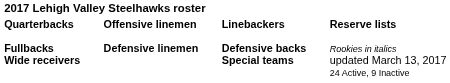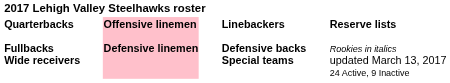 <table class="toccolours" style="text-align: left;">
 <tr>
 <th colspan="7"><strong>2017 Lehigh Valley Steelhawks roster</strong></th>
 </tr>
 <tr>
 <td style="font-size: 95%;vertical-align:top;"><strong>Quarterbacks</strong><br> <br><strong>Fullbacks</strong> <br><strong>Wide receivers</strong>    </td>
 <td style="width: 25px;"></td>
-<td style="font-size: 95%;vertical-align:top;"><strong>Offensive linemen</strong><br>   <br><strong>Defensive linemen</strong>      </td>
+<td style="background: pink; font-size: 95%;vertical-align:top;"><strong>Offensive linemen</strong><br>   <br><strong>Defensive linemen</strong>      </td>
 <td style="width: 25px;"></td>
 <td style="font-size: 95%;vertical-align:top;"><strong>Linebackers</strong><br> <br><strong>Defensive backs</strong>    <br><strong>Special teams</strong> </td>
 <td style="width: 25px;"></td>
 <td style="font-size: 95%;vertical-align:top;"><strong>Reserve lists</strong><br>        <br><small><em>Rookies in italics</em></small><br>  updated March 13, 2017<br> <small>24 Active, 9 Inactive</small></td>
 </tr>
 <tr>
 </tr>
 </table>
